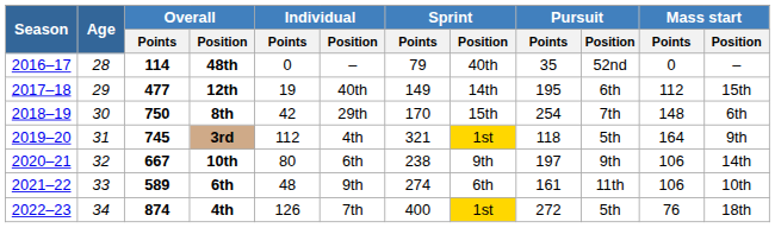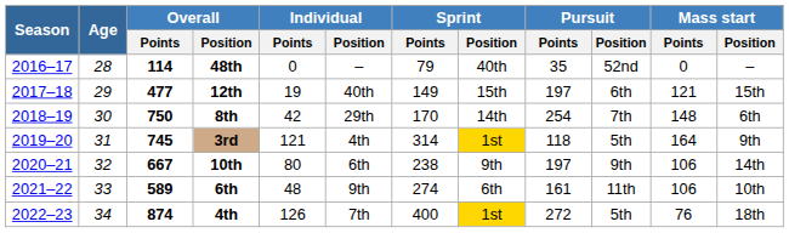 <table class="wikitable" style="font-size:95%; text-align:center; border:grey solid 1px; border-collapse:collapse; background:#ffffff;">
 <tr class="hintergrundfarbe5">
 </tr>
 <tr style="background:#efefef;">
 <th rowspan="2" style="background-color:#369; color:white; width:65px">Season</th>
 <th rowspan="2" style="background-color:#369; color:white; width:40px">Age</th>
 <th colspan="2" style="background-color:#4180be; color:white; width:116px;">Overall</th>
 <th colspan="2" style="background-color:#4180be; color:white; width:116px;">Individual</th>
 <th colspan="2" style="background-color:#4180be; color:white; width:116px;">Sprint</th>
 <th colspan="2" style="background-color:#4180be; color:white; width:116px;">Pursuit</th>
 <th colspan="2" style="background-color:#4180be; color:white; width:116px;">Mass start</th>
 </tr>
 <tr class="hintergrundfarbe5">
 <th style="width:58px;"><small>Points</small></th>
 <th style="width:58px;"><small>Position</small></th>
 <th style="width:58px;"><small>Points</small></th>
 <th style="width:58px;"><small>Position</small></th>
 <th style="width:58px;"><small>Points</small></th>
 <th style="width:58px;"><small>Position</small></th>
 <th style="width:58px;"><small>Points</small></th>
 <th style="width:5px;"><small>Position</small></th>
 <th style="width:58px;"><small>Points</small></th>
 <th style="width:58px;"><small>Position</small></th>
 </tr>
 <tr>
 <td><a href='#'>2016–17</a></td>
 <td><em>28</em></td>
 <td><strong>114</strong></td>
 <td><strong>48th</strong></td>
 <td>0</td>
 <td>–</td>
 <td>79</td>
 <td>40th</td>
 <td>35</td>
 <td>52nd</td>
 <td>0</td>
 <td>–</td>
 </tr>
 <tr>
 <td><a href='#'>2017–18</a></td>
 <td><em>29</em></td>
 <td><strong>477</strong></td>
 <td><strong>12th</strong></td>
 <td>19</td>
 <td>40th</td>
 <td>149</td>
-<td>14th</td>
-<td>195</td>
+<td>15th</td>
+<td>197</td>
 <td>6th</td>
-<td>112</td>
+<td>121</td>
 <td>15th</td>
 </tr>
 <tr>
 <td><a href='#'>2018–19</a></td>
 <td><em>30</em></td>
 <td><strong>750</strong></td>
 <td><strong>8th</strong></td>
 <td>42</td>
 <td>29th</td>
 <td>170</td>
-<td>15th</td>
+<td>14th</td>
 <td>254</td>
 <td>7th</td>
 <td>148</td>
 <td>6th</td>
 </tr>
 <tr>
 <td><a href='#'>2019–20</a></td>
 <td><em>31</em></td>
 <td><strong>745</strong></td>
 <td style="background:#cfaa88;"><strong>3rd</strong></td>
-<td>112</td>
+<td>121</td>
 <td>4th</td>
-<td>321</td>
+<td>314</td>
 <td style="background:gold;">1st</td>
 <td>118</td>
 <td>5th</td>
 <td>164</td>
 <td>9th</td>
 </tr>
 <tr>
 <td><a href='#'>2020–21</a></td>
 <td><em>32</em></td>
 <td><strong>667</strong></td>
 <td><strong>10th</strong></td>
 <td>80</td>
 <td>6th</td>
 <td>238</td>
 <td>9th</td>
 <td>197</td>
 <td>9th</td>
 <td>106</td>
 <td>14th</td>
 </tr>
 <tr>
 <td><a href='#'>2021–22</a></td>
 <td><em>33</em></td>
 <td><strong>589</strong></td>
 <td><strong>6th</strong></td>
 <td>48</td>
 <td>9th</td>
 <td>274</td>
 <td>6th</td>
 <td>161</td>
 <td>11th</td>
 <td>106</td>
 <td>10th</td>
 </tr>
 <tr>
 <td><a href='#'>2022–23</a></td>
 <td><em>34</em></td>
 <td><strong>874</strong></td>
 <td><strong>4th</strong></td>
 <td>126</td>
 <td>7th</td>
 <td>400</td>
 <td style="background:gold;">1st</td>
 <td>272</td>
 <td>5th</td>
 <td>76</td>
 <td>18th</td>
 </tr>
 </table>
